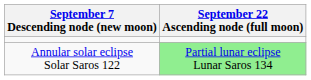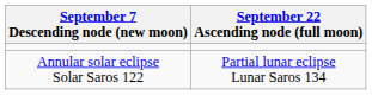 <table class="wikitable">
 <tr>
 <th><a href='#'>September 7</a><br>Descending node (new moon)<br></th>
 <th><a href='#'>September 22</a><br>Ascending node (full moon)<br></th>
 </tr>
 <tr>
 <td></td>
 <td></td>
 </tr>
 <tr align=center>
 <td><a href='#'>Annular solar eclipse</a><br>Solar Saros 122</td>
-<td style="background: lightgreen;"><a href='#'>Partial lunar eclipse</a><br>Lunar Saros 134</td>
+<td><a href='#'>Partial lunar eclipse</a><br>Lunar Saros 134</td>
 </tr>
 </table>
